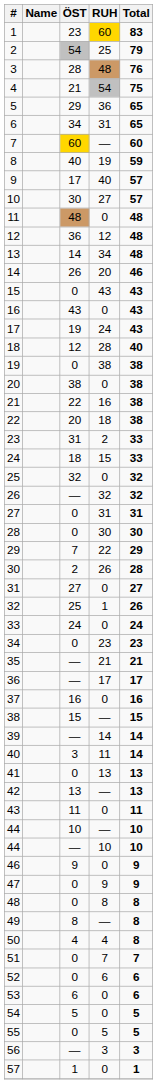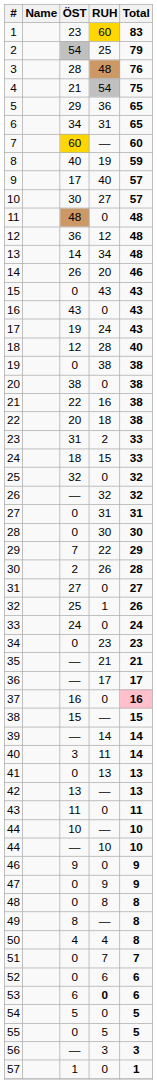 <table class="wikitable sortable" style="text-align:center;">
 <tr>
 <th>#</th>
 <th>Name</th>
 <th>ÖST</th>
 <th>RUH</th>
 <th>Total</th>
 </tr>
 <tr>
 <td>1</td>
 <td align="left"></td>
 <td>23</td>
 <td bgcolor="gold">60</td>
 <td><strong>83</strong></td>
 </tr>
 <tr>
 <td>2</td>
 <td align="left"></td>
 <td bgcolor="silver">54</td>
 <td>25</td>
 <td><strong>79</strong></td>
 </tr>
 <tr>
 <td>3</td>
 <td align="left"></td>
 <td>28</td>
 <td bgcolor=CC9966>48</td>
 <td><strong>76</strong></td>
 </tr>
 <tr>
 <td>4</td>
 <td align="left"></td>
 <td>21</td>
 <td bgcolor="silver">54</td>
 <td><strong>75</strong></td>
 </tr>
 <tr>
 <td>5</td>
 <td align="left"></td>
 <td>29</td>
 <td>36</td>
 <td><strong>65</strong></td>
 </tr>
 <tr>
 <td>6</td>
 <td align="left"></td>
 <td>34</td>
 <td>31</td>
 <td><strong>65</strong></td>
 </tr>
 <tr>
 <td>7</td>
 <td align="left"></td>
 <td bgcolor="gold">60</td>
 <td>—</td>
 <td><strong>60</strong></td>
 </tr>
 <tr>
 <td>8</td>
 <td align="left"></td>
 <td>40</td>
 <td>19</td>
 <td><strong>59</strong></td>
 </tr>
 <tr>
 <td>9</td>
 <td align="left"></td>
 <td>17</td>
 <td>40</td>
 <td><strong>57</strong></td>
 </tr>
 <tr>
 <td>10</td>
 <td align="left"></td>
 <td>30</td>
 <td>27</td>
 <td><strong>57</strong></td>
 </tr>
 <tr>
 <td>11</td>
 <td align="left"></td>
 <td bgcolor=CC9966>48</td>
 <td>0</td>
 <td><strong>48</strong></td>
 </tr>
 <tr>
 <td>12</td>
 <td align="left"></td>
 <td>36</td>
 <td>12</td>
 <td><strong>48</strong></td>
 </tr>
 <tr>
 <td>13</td>
 <td align="left"></td>
 <td>14</td>
 <td>34</td>
 <td><strong>48</strong></td>
 </tr>
 <tr>
 <td>14</td>
 <td align="left"></td>
 <td>26</td>
 <td>20</td>
 <td><strong>46</strong></td>
 </tr>
 <tr>
 <td>15</td>
 <td align="left"></td>
 <td>0</td>
 <td>43</td>
 <td><strong>43</strong></td>
 </tr>
 <tr>
 <td>16</td>
 <td align="left"></td>
 <td>43</td>
 <td>0</td>
 <td><strong>43</strong></td>
 </tr>
 <tr>
 <td>17</td>
 <td align="left"></td>
 <td>19</td>
 <td>24</td>
 <td><strong>43</strong></td>
 </tr>
 <tr>
 <td>18</td>
 <td align="left"></td>
 <td>12</td>
 <td>28</td>
 <td><strong>40</strong></td>
 </tr>
 <tr>
 <td>19</td>
 <td align="left"></td>
 <td>0</td>
 <td>38</td>
 <td><strong>38</strong></td>
 </tr>
 <tr>
 <td>20</td>
 <td align="left"></td>
 <td>38</td>
 <td>0</td>
 <td><strong>38</strong></td>
 </tr>
 <tr>
 <td>21</td>
 <td align="left"></td>
 <td>22</td>
 <td>16</td>
 <td><strong>38</strong></td>
 </tr>
 <tr>
 <td>22</td>
 <td align="left"></td>
 <td>20</td>
 <td>18</td>
 <td><strong>38</strong></td>
 </tr>
 <tr>
 <td>23</td>
 <td align="left"></td>
 <td>31</td>
 <td>2</td>
 <td><strong>33</strong></td>
 </tr>
 <tr>
 <td>24</td>
 <td align="left"></td>
 <td>18</td>
 <td>15</td>
 <td><strong>33</strong></td>
 </tr>
 <tr>
 <td>25</td>
 <td align="left"></td>
 <td>32</td>
 <td>0</td>
 <td><strong>32</strong></td>
 </tr>
 <tr>
 <td>26</td>
 <td align="left"></td>
 <td>—</td>
 <td>32</td>
 <td><strong>32</strong></td>
 </tr>
 <tr>
 <td>27</td>
 <td align="left"></td>
 <td>0</td>
 <td>31</td>
 <td><strong>31</strong></td>
 </tr>
 <tr>
 <td>28</td>
 <td align="left"></td>
 <td>0</td>
 <td>30</td>
 <td><strong>30</strong></td>
 </tr>
 <tr>
 <td>29</td>
 <td align="left"></td>
 <td>7</td>
 <td>22</td>
 <td><strong>29</strong></td>
 </tr>
 <tr>
 <td>30</td>
 <td align="left"></td>
 <td>2</td>
 <td>26</td>
 <td><strong>28</strong></td>
 </tr>
 <tr>
 <td>31</td>
 <td align="left"></td>
 <td>27</td>
 <td>0</td>
 <td><strong>27</strong></td>
 </tr>
 <tr>
 <td>32</td>
 <td align="left"></td>
 <td>25</td>
 <td>1</td>
 <td><strong>26</strong></td>
 </tr>
 <tr>
 <td>33</td>
 <td align="left"></td>
 <td>24</td>
 <td>0</td>
 <td><strong>24</strong></td>
 </tr>
 <tr>
 <td>34</td>
 <td align="left"></td>
 <td>0</td>
 <td>23</td>
 <td><strong>23</strong></td>
 </tr>
 <tr>
 <td>35</td>
 <td align="left"></td>
 <td>—</td>
 <td>21</td>
 <td><strong>21</strong></td>
 </tr>
 <tr>
 <td>36</td>
 <td align="left"></td>
 <td>—</td>
 <td>17</td>
 <td><strong>17</strong></td>
 </tr>
 <tr>
 <td>37</td>
 <td align="left"></td>
 <td>16</td>
 <td>0</td>
-<td><strong>16</strong></td>
+<td style="background: pink;"><strong>16</strong></td>
 </tr>
 <tr>
 <td>38</td>
 <td align="left"></td>
 <td>15</td>
 <td>—</td>
 <td><strong>15</strong></td>
 </tr>
 <tr>
 <td>39</td>
 <td align="left"></td>
 <td>—</td>
 <td>14</td>
 <td><strong>14</strong></td>
 </tr>
 <tr>
 <td>40</td>
 <td align="left"></td>
 <td>3</td>
 <td>11</td>
 <td><strong>14</strong></td>
 </tr>
 <tr>
 <td>41</td>
 <td align="left"></td>
 <td>0</td>
 <td>13</td>
 <td><strong>13</strong></td>
 </tr>
 <tr>
 <td>42</td>
 <td align="left"></td>
 <td>13</td>
 <td>—</td>
 <td><strong>13</strong></td>
 </tr>
 <tr>
 <td>43</td>
 <td align="left"></td>
 <td>11</td>
 <td>0</td>
 <td><strong>11</strong></td>
 </tr>
 <tr>
 <td>44</td>
 <td align="left"></td>
 <td>10</td>
 <td>—</td>
 <td><strong>10</strong></td>
 </tr>
 <tr>
 <td>44</td>
 <td align="left"></td>
 <td>—</td>
 <td>10</td>
 <td><strong>10</strong></td>
 </tr>
 <tr>
 <td>46</td>
 <td align="left"></td>
 <td>9</td>
 <td>0</td>
 <td><strong>9</strong></td>
 </tr>
 <tr>
 <td>47</td>
 <td align="left"></td>
 <td>0</td>
 <td>9</td>
 <td><strong>9</strong></td>
 </tr>
 <tr>
 <td>48</td>
 <td align="left"></td>
 <td>0</td>
 <td>8</td>
 <td><strong>8</strong></td>
 </tr>
 <tr>
 <td>49</td>
 <td align="left"></td>
 <td>8</td>
 <td>—</td>
 <td><strong>8</strong></td>
 </tr>
 <tr>
 <td>50</td>
 <td align="left"></td>
 <td>4</td>
 <td>4</td>
 <td><strong>8</strong></td>
 </tr>
 <tr>
 <td>51</td>
 <td align="left"></td>
 <td>0</td>
 <td>7</td>
 <td><strong>7</strong></td>
 </tr>
 <tr>
 <td>52</td>
 <td align="left"></td>
 <td>0</td>
 <td>6</td>
 <td><strong>6</strong></td>
 </tr>
 <tr>
 <td>53</td>
 <td align="left"></td>
 <td>6</td>
-<td>0</td>
+<td><strong>0</strong></td>
 <td><strong>6</strong></td>
 </tr>
 <tr>
 <td>54</td>
 <td align="left"></td>
 <td>5</td>
 <td>0</td>
 <td><strong>5</strong></td>
 </tr>
 <tr>
 <td>55</td>
 <td align="left"></td>
 <td>0</td>
 <td>5</td>
 <td><strong>5</strong></td>
 </tr>
 <tr>
 <td>56</td>
 <td align="left"></td>
 <td>—</td>
 <td>3</td>
 <td><strong>3</strong></td>
 </tr>
 <tr>
 <td>57</td>
 <td align="left"></td>
 <td>1</td>
 <td>0</td>
 <td><strong>1</strong></td>
 </tr>
 <tr>
 </tr>
 </table>
